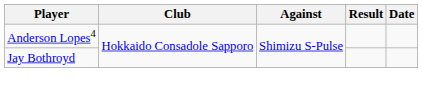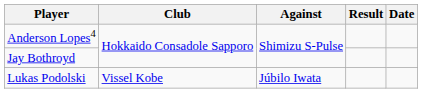 <table class="wikitable sortable">
 <tr>
 <th>Player</th>
 <th>Club</th>
 <th>Against</th>
 <th align="left">Result</th>
 <th>Date</th>
 </tr>
 <tr>
 <td> <a href='#'>Anderson Lopes</a><sup>4</sup></td>
 <td rowspan="2"><a href='#'>Hokkaido Consadole Sapporo</a></td>
 <td rowspan="2"><a href='#'>Shimizu S-Pulse</a></td>
 <td align="center"></td>
 <td></td>
 </tr>
 <tr>
 <td> <a href='#'>Jay Bothroyd</a></td>
 <td align="center"></td>
 <td></td>
 </tr>
+<tr>
+<td> <a href='#'>Lukas Podolski</a></td>
+<td><a href='#'>Vissel Kobe</a></td>
+<td><a href='#'>Júbilo Iwata</a></td>
+<td align="center"></td>
+<td></td>
+</tr>
 </table>
